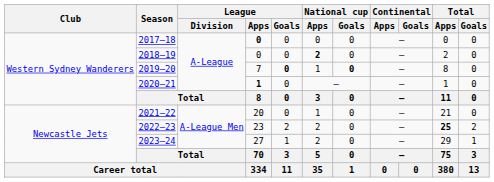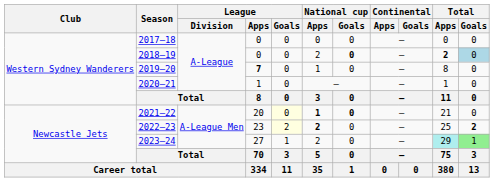 <table class="wikitable" style="text-align:center">
 <tr>
 <th rowspan="2">Club</th>
 <th rowspan="2">Season</th>
 <th colspan="3">League</th>
 <th colspan="2">National cup</th>
 <th colspan="2">Continental</th>
 <th colspan="2">Total</th>
 </tr>
 <tr>
 <th>Division</th>
 <th>Apps</th>
 <th>Goals</th>
 <th>Apps</th>
 <th>Goals</th>
 <th>Apps</th>
 <th>Goals</th>
 <th>Apps</th>
 <th>Goals</th>
 </tr>
 <tr>
 <td rowspan="5"><a href='#'>Western Sydney Wanderers</a></td>
 <td><a href='#'>2017–18</a></td>
 <td rowspan="4"><a href='#'>A-League</a></td>
-<td><strong>0</strong></td>
+<td>0</td>
 <td>0</td>
 <td>0</td>
 <td>0</td>
 <td colspan="2">—</td>
 <td>0</td>
 <td>0</td>
 </tr>
 <tr>
 <td><a href='#'>2018–19</a></td>
 <td>0</td>
 <td>0</td>
+<td>2</td>
+<td><strong>0</strong></td>
+<td colspan="2">—</td>
 <td><strong>2</strong></td>
-<td>0</td>
-<td colspan="2">—</td>
-<td>2</td>
-<td>0</td>
+<td style="background: lightblue;">0</td>
 </tr>
 <tr>
 <td><a href='#'>2019–20</a></td>
-<td>7</td>
-<td><strong>0</strong></td>
+<td><strong>7</strong></td>
+<td>0</td>
 <td>1</td>
-<td><strong>0</strong></td>
+<td>0</td>
 <td colspan="2">—</td>
 <td>8</td>
 <td>0</td>
 </tr>
 <tr>
 <td><a href='#'>2020–21</a></td>
-<td><strong>1</strong></td>
+<td>1</td>
 <td>0</td>
 <td colspan="2">—</td>
 <td colspan="2">—</td>
 <td>1</td>
 <td>0</td>
 </tr>
 <tr>
 <th colspan="2">Total</th>
 <th>8</th>
 <th>0</th>
 <th>3</th>
 <th>0</th>
 <th colspan="2">—</th>
 <th>11</th>
 <th>0</th>
 </tr>
 <tr>
 <td rowspan="4"><a href='#'>Newcastle Jets</a></td>
 <td><a href='#'>2021–22</a></td>
 <td rowspan="3"><a href='#'>A-League Men</a></td>
 <td>20</td>
-<td>0</td>
-<td>1</td>
-<td>0</td>
+<td style="background: lightyellow;">0</td>
+<td><strong>1</strong></td>
+<td><strong>0</strong></td>
 <td colspan="2">—</td>
 <td>21</td>
 <td>0</td>
 </tr>
 <tr>
 <td><a href='#'>2022–23</a></td>
 <td>23</td>
-<td>2</td>
-<td>2</td>
+<td style="background: lightyellow;">2</td>
+<td><strong>2</strong></td>
 <td>0</td>
 <td colspan="2">—</td>
-<td><strong>25</strong></td>
-<td>2</td>
+<td>25</td>
+<td><strong>2</strong></td>
 </tr>
 <tr>
 <td><a href='#'>2023–24</a></td>
 <td>27</td>
 <td>1</td>
 <td>2</td>
 <td>0</td>
 <td colspan="2">—</td>
-<td>29</td>
-<td>1</td>
+<td style="background: paleturquoise;">29</td>
+<td style="background: lightgreen;">1</td>
 </tr>
 <tr>
 <th colspan="2">Total</th>
 <th>70</th>
 <th>3</th>
 <th>5</th>
 <th>0</th>
 <th colspan="2">—</th>
 <th>75</th>
 <th>3</th>
 </tr>
 <tr>
 <th colspan="3">Career total</th>
 <th>334</th>
 <th>11</th>
 <th>35</th>
 <th>1</th>
 <th>0</th>
 <th>0</th>
 <th>380</th>
 <th>13</th>
 </tr>
 </table>
